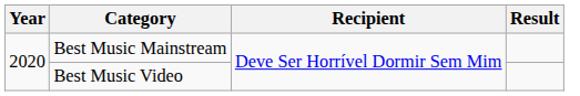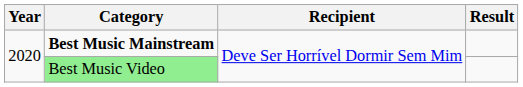 <table class="wikitable">
 <tr>
 <th>Year</th>
 <th>Category</th>
 <th>Recipient</th>
 <th>Result</th>
 </tr>
 <tr>
 <td rowspan=2>2020</td>
-<td>Best Music Mainstream</td>
+<td><strong>Best Music Mainstream</strong></td>
 <td rowspan=2><a href='#'>Deve Ser Horrível Dormir Sem Mim</a></td>
 <td></td>
 </tr>
 <tr>
-<td>Best Music Video</td>
+<td style="background: lightgreen;">Best Music Video</td>
 <td></td>
 </tr>
 </table>
